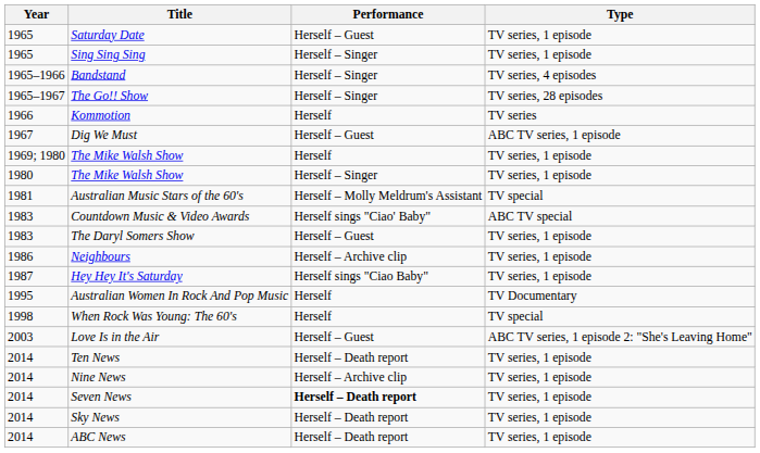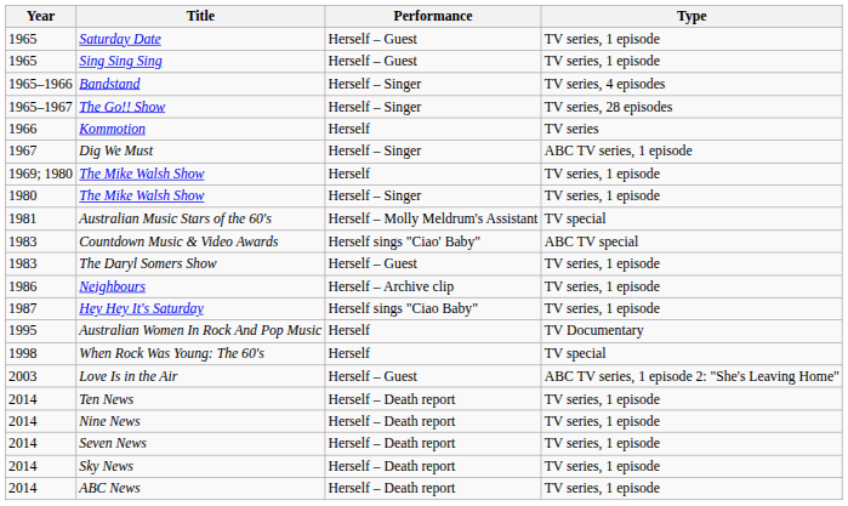 <table class="wikitable">
 <tr>
 <th>Year</th>
 <th>Title</th>
 <th>Performance</th>
 <th>Type</th>
 </tr>
 <tr>
 <td>1965</td>
 <td><em><a href='#'>Saturday Date</a></em></td>
 <td>Herself – Guest</td>
 <td>TV series, 1 episode</td>
 </tr>
 <tr>
 <td>1965</td>
 <td><em><a href='#'>Sing Sing Sing</a></em></td>
-<td>Herself – Singer</td>
+<td>Herself – Guest</td>
 <td>TV series, 1 episode</td>
 </tr>
 <tr>
 <td>1965–1966</td>
 <td><em><a href='#'>Bandstand</a></em></td>
 <td>Herself – Singer</td>
 <td>TV series, 4 episodes</td>
 </tr>
 <tr>
 <td>1965–1967</td>
 <td><em><a href='#'>The Go!! Show</a></em></td>
 <td>Herself – Singer</td>
 <td>TV series, 28 episodes</td>
 </tr>
 <tr>
 <td>1966</td>
 <td><em><a href='#'>Kommotion</a></em></td>
 <td>Herself</td>
 <td>TV series</td>
 </tr>
 <tr>
 <td>1967</td>
 <td><em>Dig We Must</em></td>
-<td>Herself – Guest</td>
+<td>Herself – Singer</td>
 <td>ABC TV series, 1 episode</td>
 </tr>
 <tr>
 <td>1969; 1980</td>
 <td><em><a href='#'>The Mike Walsh Show</a></em></td>
 <td>Herself</td>
 <td>TV series, 1 episode</td>
 </tr>
 <tr>
 <td>1980</td>
 <td><em><a href='#'>The Mike Walsh Show</a></em></td>
 <td>Herself – Singer</td>
 <td>TV series, 1 episode</td>
 </tr>
 <tr>
 <td>1981</td>
 <td><em>Australian Music Stars of the 60's</em></td>
 <td>Herself – Molly Meldrum's Assistant</td>
 <td>TV special</td>
 </tr>
 <tr>
 <td>1983</td>
 <td><em>Countdown Music & Video Awards</em></td>
 <td>Herself sings "Ciao' Baby"</td>
 <td>ABC TV special</td>
 </tr>
 <tr>
 <td>1983</td>
 <td><em>The Daryl Somers Show</em></td>
 <td>Herself – Guest</td>
 <td>TV series, 1 episode</td>
 </tr>
 <tr>
 <td>1986</td>
 <td><em><a href='#'>Neighbours</a></em></td>
 <td>Herself – Archive clip</td>
 <td>TV series, 1 episode</td>
 </tr>
 <tr>
 <td>1987</td>
 <td><em><a href='#'>Hey Hey It's Saturday</a></em></td>
 <td>Herself sings "Ciao Baby"</td>
 <td>TV series, 1 episode</td>
 </tr>
 <tr>
 <td>1995</td>
 <td><em>Australian Women In Rock And Pop Music</em></td>
 <td>Herself</td>
 <td>TV Documentary</td>
 </tr>
 <tr>
 <td>1998</td>
 <td><em>When Rock Was Young: The 60's</em></td>
 <td>Herself</td>
 <td>TV special</td>
 </tr>
 <tr>
 <td>2003</td>
 <td><em>Love Is in the Air</em></td>
 <td>Herself – Guest</td>
 <td>ABC TV series, 1 episode 2: "She's Leaving Home"</td>
 </tr>
 <tr>
 <td>2014</td>
 <td><em>Ten News</em></td>
 <td>Herself – Death report</td>
 <td>TV series, 1 episode</td>
 </tr>
 <tr>
 <td>2014</td>
 <td><em>Nine News</em></td>
-<td>Herself – Archive clip</td>
+<td>Herself – Death report</td>
 <td>TV series, 1 episode</td>
 </tr>
 <tr>
 <td>2014</td>
 <td><em>Seven News</em></td>
-<td><strong>Herself – Death report</strong></td>
+<td>Herself – Death report</td>
 <td>TV series, 1 episode</td>
 </tr>
 <tr>
 <td>2014</td>
 <td><em>Sky News</em></td>
 <td>Herself – Death report</td>
 <td>TV series, 1 episode</td>
 </tr>
 <tr>
 <td>2014</td>
 <td><em>ABC News</em></td>
 <td>Herself – Death report</td>
 <td>TV series, 1 episode</td>
 </tr>
 </table>
